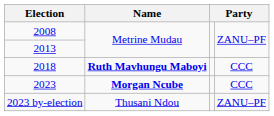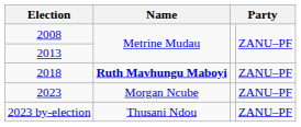 <table class="wikitable" style="text-align:center">
 <tr>
 <th>Election</th>
 <th>Name</th>
 <th colspan="2">Party</th>
 </tr>
 <tr>
 <td><a href='#'>2008</a></td>
 <td rowspan="2"><a href='#'>Metrine Mudau</a></td>
 <td rowspan="2" style="background-color: "></td>
 <td rowspan="2"><a href='#'>ZANU–PF</a></td>
 </tr>
 <tr>
 <td><a href='#'>2013</a></td>
 </tr>
 <tr>
 <td><a href='#'>2018</a></td>
 <td><strong><a href='#'>Ruth Mavhungu Maboyi</a></strong></td>
 <td style="background-color: "></td>
-<td><a href='#'>CCC</a></td>
+<td><a href='#'>ZANU–PF</a></td>
 </tr>
 <tr>
 <td><a href='#'>2023</a></td>
-<td><strong><a href='#'>Morgan Ncube</a></strong></td>
+<td><a href='#'>Morgan Ncube</a></td>
 <td style="background-color: "></td>
-<td><a href='#'>CCC</a></td>
+<td><a href='#'>ZANU–PF</a></td>
 </tr>
 <tr>
 <td><a href='#'>2023 by-election</a></td>
 <td><a href='#'>Thusani Ndou</a></td>
 <td style="background-color: "></td>
 <td><a href='#'>ZANU–PF</a></td>
 </tr>
 </table>
